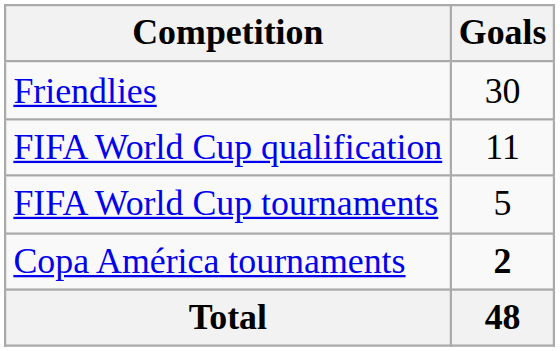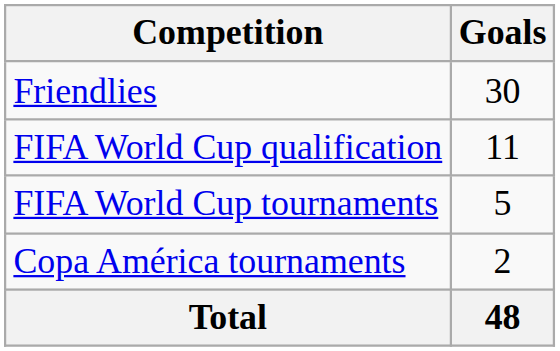 <table class="wikitable sortable" style="text-align:center">
 <tr>
 <th scope="col">Competition</th>
 <th scope="col">Goals</th>
 </tr>
 <tr>
 <td style="text-align:left"><a href='#'>Friendlies</a></td>
 <td>30</td>
 </tr>
 <tr>
 <td style="text-align:left"><a href='#'>FIFA World Cup qualification</a></td>
 <td>11</td>
 </tr>
 <tr>
 <td style="text-align:left"><a href='#'>FIFA World Cup tournaments</a></td>
 <td>5</td>
 </tr>
 <tr>
 <td style="text-align:left"><a href='#'>Copa América tournaments</a></td>
-<td><strong>2</strong></td>
+<td>2</td>
 </tr>
 <tr>
 <th>Total</th>
 <th>48</th>
 </tr>
 </table>
